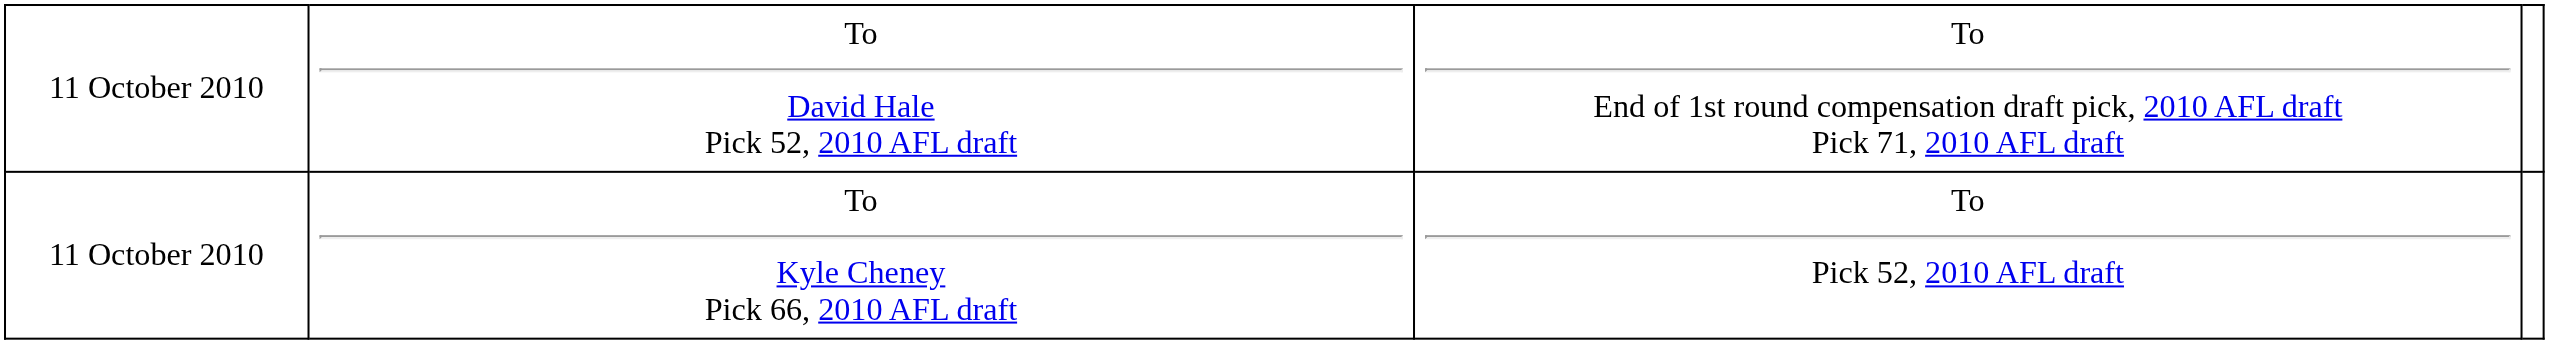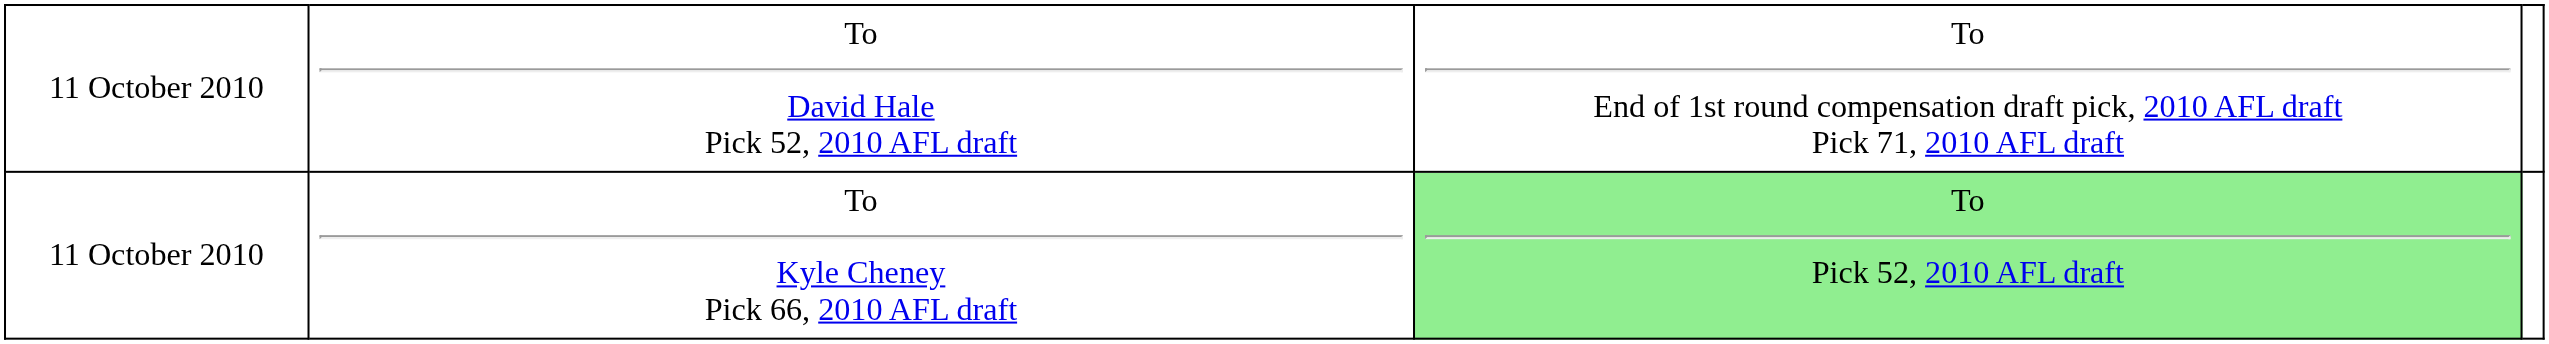 <table border=1 style="border-collapse:collapse; text-align: center; width: 100%" bordercolor="#000000"  cellpadding="5">
 <tr>
 <td style="width:12%">11 October 2010</td>
 <td style="width:44%; vertical-align:top;">To <strong></strong><hr><a href='#'>David Hale</a><br>Pick 52, <a href='#'>2010 AFL draft</a></td>
 <td style="width:44%; vertical-align:top;">To <strong></strong><hr>End of 1st round compensation draft pick, <a href='#'>2010 AFL draft</a><br>Pick 71, <a href='#'>2010 AFL draft</a></td>
 <td></td>
 </tr>
 <tr>
 <td style="width:12%">11 October 2010</td>
 <td style="width:44%; vertical-align:top;">To <strong></strong><hr><a href='#'>Kyle Cheney</a><br>Pick 66, <a href='#'>2010 AFL draft</a></td>
-<td style="width:44%; vertical-align:top;">To <strong></strong><hr>Pick 52, <a href='#'>2010 AFL draft</a></td>
+<td style="background: lightgreen; width:44%; vertical-align:top;">To <strong></strong><hr>Pick 52, <a href='#'>2010 AFL draft</a></td>
 <td></td>
 </tr>
 </table>
